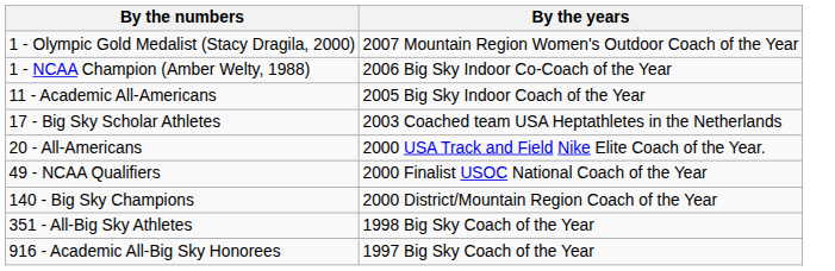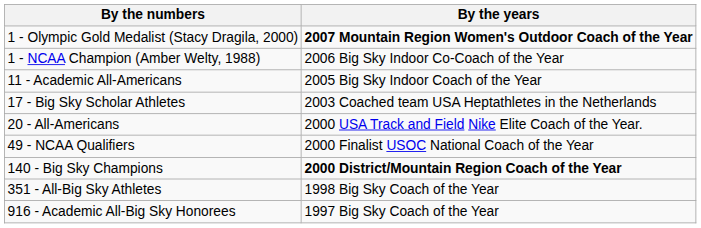 <table class="wikitable">
 <tr>
 <th>By the numbers</th>
 <th>By the years</th>
 </tr>
 <tr>
 <td>1 - Olympic Gold Medalist (Stacy Dragila, 2000)</td>
-<td>2007 Mountain Region Women's Outdoor Coach of the Year</td>
+<td><strong>2007 Mountain Region Women's Outdoor Coach of the Year</strong></td>
 </tr>
 <tr>
 <td>1 - <a href='#'>NCAA</a> Champion (Amber Welty, 1988)</td>
 <td>2006 Big Sky Indoor Co-Coach of the Year</td>
 </tr>
 <tr>
 <td>11 - Academic All-Americans</td>
 <td>2005 Big Sky Indoor Coach of the Year</td>
 </tr>
 <tr>
 <td>17 - Big Sky Scholar Athletes</td>
 <td>2003 Coached team USA Heptathletes in the Netherlands</td>
 </tr>
 <tr>
 <td>20 - All-Americans</td>
 <td>2000 <a href='#'>USA Track and Field</a> <a href='#'>Nike</a> Elite Coach of the Year.</td>
 </tr>
 <tr>
 <td>49 - NCAA Qualifiers</td>
 <td>2000 Finalist <a href='#'>USOC</a> National Coach of the Year</td>
 </tr>
 <tr>
 <td>140 - Big Sky Champions</td>
-<td>2000 District/Mountain Region Coach of the Year</td>
+<td><strong>2000 District/Mountain Region Coach of the Year</strong></td>
 </tr>
 <tr>
 <td>351 - All-Big Sky Athletes</td>
 <td>1998 Big Sky Coach of the Year</td>
 </tr>
 <tr>
 <td>916 - Academic All-Big Sky Honorees</td>
 <td>1997 Big Sky Coach of the Year</td>
 </tr>
 </table>
